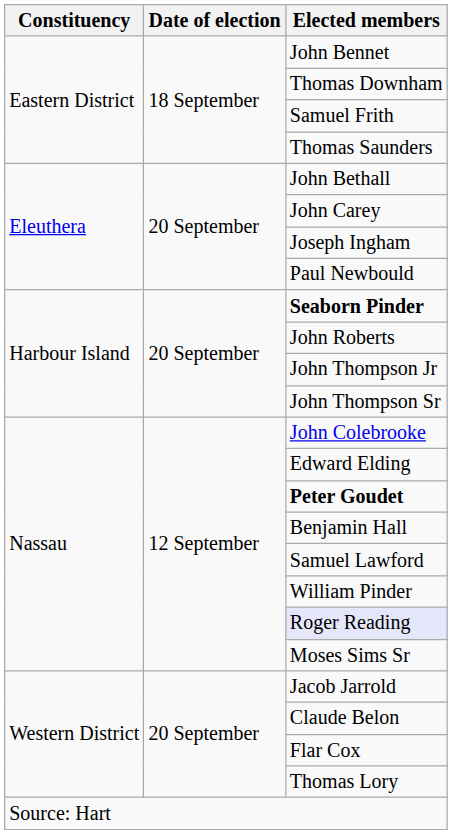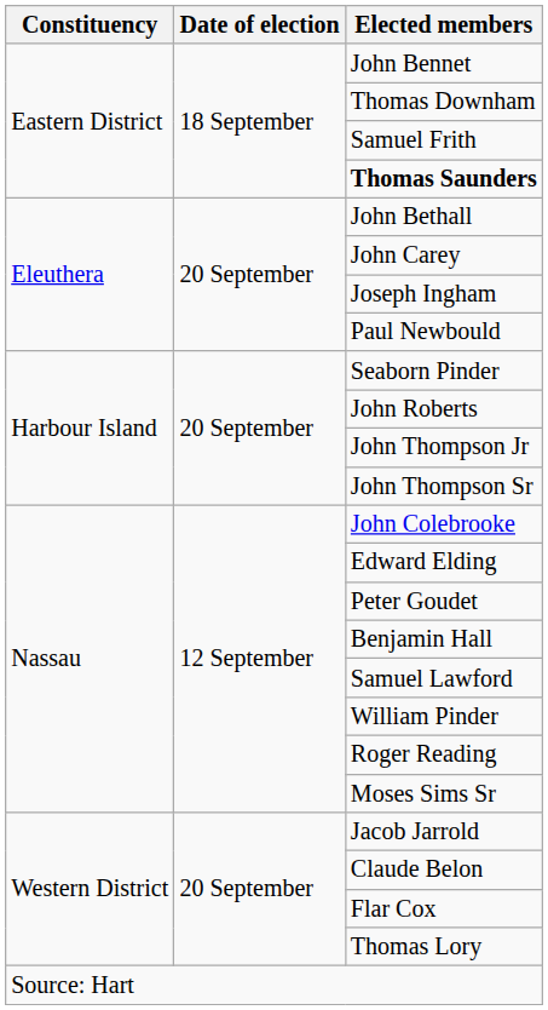 <table class=wikitable>
 <tr>
 <th>Constituency</th>
 <th>Date of election</th>
 <th>Elected members</th>
 </tr>
 <tr>
 <td rowspan=4>Eastern District</td>
 <td rowspan=4>18 September</td>
 <td>John Bennet</td>
 </tr>
 <tr>
 <td>Thomas Downham</td>
 </tr>
 <tr>
 <td>Samuel Frith</td>
 </tr>
 <tr>
-<td>Thomas Saunders</td>
+<td><strong>Thomas Saunders</strong></td>
 </tr>
 <tr>
 <td rowspan=4><a href='#'>Eleuthera</a></td>
 <td rowspan=4>20 September</td>
 <td>John Bethall</td>
 </tr>
 <tr>
 <td>John Carey</td>
 </tr>
 <tr>
 <td>Joseph Ingham</td>
 </tr>
 <tr>
 <td>Paul Newbould</td>
 </tr>
 <tr>
 <td rowspan=4>Harbour Island</td>
 <td rowspan=4>20 September</td>
-<td><strong>Seaborn Pinder</strong></td>
+<td>Seaborn Pinder</td>
 </tr>
 <tr>
 <td>John Roberts</td>
 </tr>
 <tr>
 <td>John Thompson Jr</td>
 </tr>
 <tr>
 <td>John Thompson Sr</td>
 </tr>
 <tr>
 <td rowspan=8>Nassau</td>
 <td rowspan=8>12 September</td>
 <td><a href='#'>John Colebrooke</a></td>
 </tr>
 <tr>
 <td>Edward Elding</td>
 </tr>
 <tr>
-<td><strong>Peter Goudet</strong></td>
+<td>Peter Goudet</td>
 </tr>
 <tr>
 <td>Benjamin Hall</td>
 </tr>
 <tr>
 <td>Samuel Lawford</td>
 </tr>
 <tr>
 <td>William Pinder</td>
 </tr>
 <tr>
-<td style="background: lavender;">Roger Reading</td>
+<td>Roger Reading</td>
 </tr>
 <tr>
 <td>Moses Sims Sr</td>
 </tr>
 <tr>
 <td rowspan=4>Western District</td>
 <td rowspan=4>20 September</td>
 <td>Jacob Jarrold</td>
 </tr>
 <tr>
 <td>Claude Belon</td>
 </tr>
 <tr>
 <td>Flar Cox</td>
 </tr>
 <tr>
 <td>Thomas Lory</td>
 </tr>
 <tr>
 <td colspan=3>Source: Hart</td>
 </tr>
 </table>
